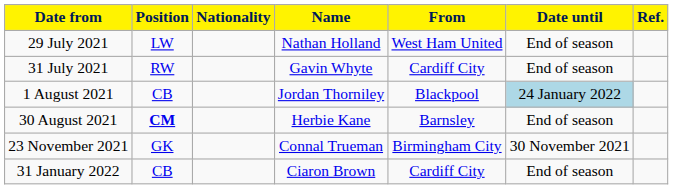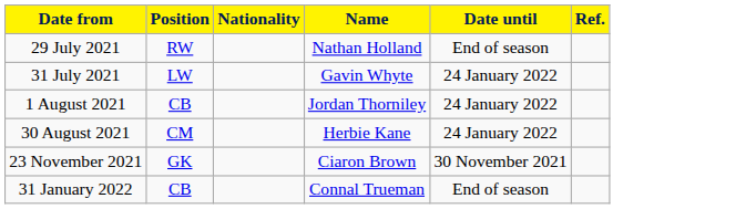 <table class="wikitable"  style="text-align:center; font-size:90%; ">
 <tr>
 <th style="background:#FFF300; color:#001958; ">Date from</th>
 <th style="background:#FFF300; color:#001958; ">Position</th>
 <th style="background:#FFF300; color:#001958; ">Nationality</th>
 <th style="background:#FFF300; color:#001958; ">Name</th>
-<th style="background:#FFF300; color:#001958; ">From</th>
 <th style="background:#FFF300; color:#001958; ">Date until</th>
 <th style="background:#FFF300; color:#001958; ">Ref.</th>
 </tr>
 <tr>
 <td>29 July 2021</td>
-<td><a href='#'>LW</a></td>
+<td><a href='#'>RW</a></td>
 <td></td>
 <td><a href='#'>Nathan Holland</a></td>
-<td> <a href='#'>West Ham United</a></td>
 <td>End of season</td>
 <td></td>
 </tr>
 <tr>
 <td>31 July 2021</td>
-<td><a href='#'>RW</a></td>
+<td><a href='#'>LW</a></td>
 <td></td>
 <td><a href='#'>Gavin Whyte</a></td>
-<td> <a href='#'>Cardiff City</a></td>
-<td>End of season</td>
+<td>24 January 2022</td>
 <td></td>
 </tr>
 <tr>
 <td>1 August 2021</td>
 <td><a href='#'>CB</a></td>
 <td></td>
 <td><a href='#'>Jordan Thorniley</a></td>
-<td> <a href='#'>Blackpool</a></td>
-<td style="background: lightblue;">24 January 2022</td>
+<td>24 January 2022</td>
 <td></td>
 </tr>
 <tr>
 <td>30 August 2021</td>
-<td><strong><a href='#'>CM</a></strong></td>
+<td><a href='#'>CM</a></td>
 <td></td>
 <td><a href='#'>Herbie Kane</a></td>
-<td> <a href='#'>Barnsley</a></td>
-<td>End of season</td>
+<td>24 January 2022</td>
 <td></td>
 </tr>
 <tr>
 <td>23 November 2021</td>
 <td><a href='#'>GK</a></td>
 <td></td>
-<td><a href='#'>Connal Trueman</a></td>
-<td> <a href='#'>Birmingham City</a></td>
+<td><a href='#'>Ciaron Brown</a></td>
 <td>30 November 2021</td>
 <td></td>
 </tr>
 <tr>
 <td>31 January 2022</td>
 <td><a href='#'>CB</a></td>
 <td></td>
-<td><a href='#'>Ciaron Brown</a></td>
-<td> <a href='#'>Cardiff City</a></td>
+<td><a href='#'>Connal Trueman</a></td>
 <td>End of season</td>
 <td></td>
 </tr>
 </table>
